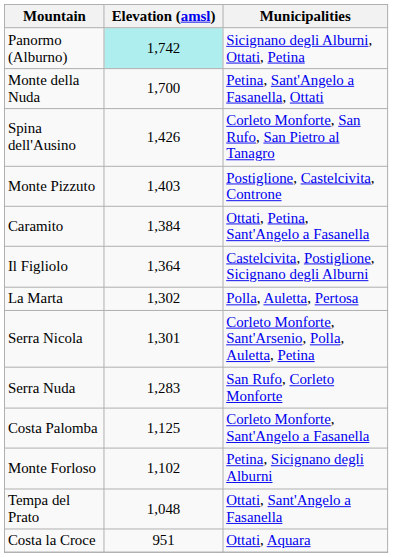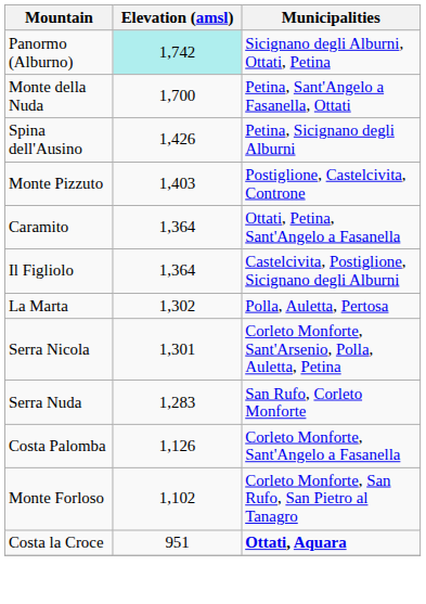 <table class="wikitable sortable">
 <tr>
 <th width="100px">Mountain</th>
 <th width="120px">Elevation (<a href='#'>amsl</a>)</th>
 <th width="170px">Municipalities</th>
 </tr>
 <tr ---->
 <td>Panormo (Alburno)</td>
 <td align="center" style="background: paleturquoise;">1,742</td>
 <td align="left"><a href='#'>Sicignano degli Alburni</a>, <a href='#'>Ottati</a>, <a href='#'>Petina</a></td>
 </tr>
 <tr ---->
 <td>Monte della Nuda</td>
 <td align="center">1,700</td>
 <td align="left"><a href='#'>Petina</a>, <a href='#'>Sant'Angelo a Fasanella</a>, <a href='#'>Ottati</a></td>
 </tr>
 <tr ---->
 <td>Spina dell'Ausino</td>
 <td align="center">1,426</td>
-<td align="left"><a href='#'>Corleto Monforte</a>, <a href='#'>San Rufo</a>, <a href='#'>San Pietro al Tanagro</a></td>
+<td align="left"><a href='#'>Petina</a>, <a href='#'>Sicignano degli Alburni</a></td>
 </tr>
 <tr --->
 <td>Monte Pizzuto</td>
 <td align="center">1,403</td>
 <td align="left"><a href='#'>Postiglione</a>, <a href='#'>Castelcivita</a>, <a href='#'>Controne</a></td>
 </tr>
 <tr --->
 <td>Caramito</td>
-<td align="center">1,384</td>
+<td align="center">1,364</td>
 <td align="left"><a href='#'>Ottati</a>, <a href='#'>Petina</a>, <a href='#'>Sant'Angelo a Fasanella</a></td>
 </tr>
 <tr --->
 <td>Il Figliolo</td>
 <td align="center">1,364</td>
 <td align="left"><a href='#'>Castelcivita</a>, <a href='#'>Postiglione</a>, <a href='#'>Sicignano degli Alburni</a></td>
 </tr>
 <tr --->
 <td>La Marta</td>
 <td align="center">1,302</td>
 <td align="left"><a href='#'>Polla</a>, <a href='#'>Auletta</a>, <a href='#'>Pertosa</a></td>
 </tr>
 <tr --->
 <td>Serra Nicola</td>
 <td align="center">1,301</td>
 <td align="left"><a href='#'>Corleto Monforte</a>, <a href='#'>Sant'Arsenio</a>, <a href='#'>Polla</a>, <a href='#'>Auletta</a>, <a href='#'>Petina</a></td>
 </tr>
 <tr --->
 <td>Serra Nuda</td>
 <td align="center">1,283</td>
 <td align="left"><a href='#'>San Rufo</a>, <a href='#'>Corleto Monforte</a></td>
 </tr>
 <tr --->
 <td>Costa Palomba</td>
-<td align="center">1,125</td>
+<td align="center">1,126</td>
 <td align="left"><a href='#'>Corleto Monforte</a>, <a href='#'>Sant'Angelo a Fasanella</a></td>
 </tr>
 <tr --->
 <td>Monte Forloso</td>
 <td align="center">1,102</td>
-<td align="left"><a href='#'>Petina</a>, <a href='#'>Sicignano degli Alburni</a></td>
-</tr>
-<tr --->
-<td>Tempa del Prato</td>
-<td align="center">1,048</td>
-<td align="left"><a href='#'>Ottati</a>, <a href='#'>Sant'Angelo a Fasanella</a></td>
+<td align="left"><a href='#'>Corleto Monforte</a>, <a href='#'>San Rufo</a>, <a href='#'>San Pietro al Tanagro</a></td>
 </tr>
 <tr --->
 <td>Costa la Croce</td>
 <td align="center">951</td>
-<td align="left"><a href='#'>Ottati</a>, <a href='#'>Aquara</a></td>
+<td align="left"><strong><a href='#'>Ottati</a>, <a href='#'>Aquara</a></strong></td>
 </tr>
 <tr --->
 </tr>
 </table>
